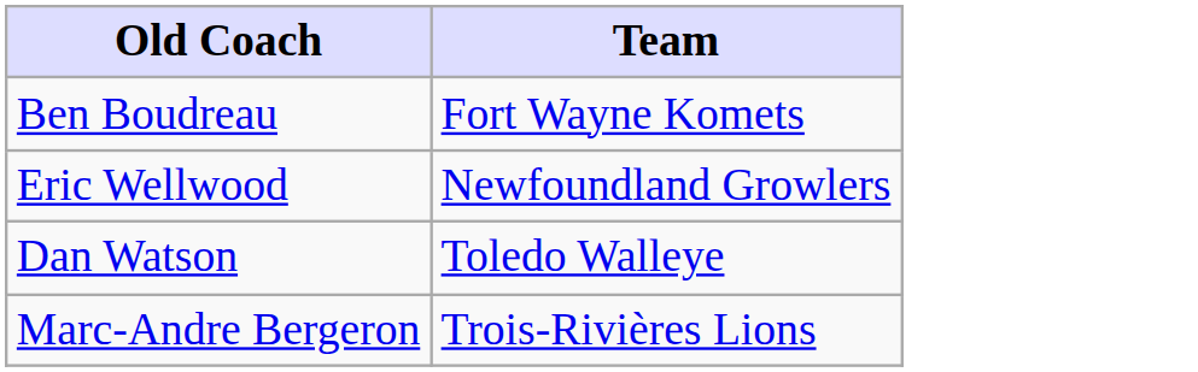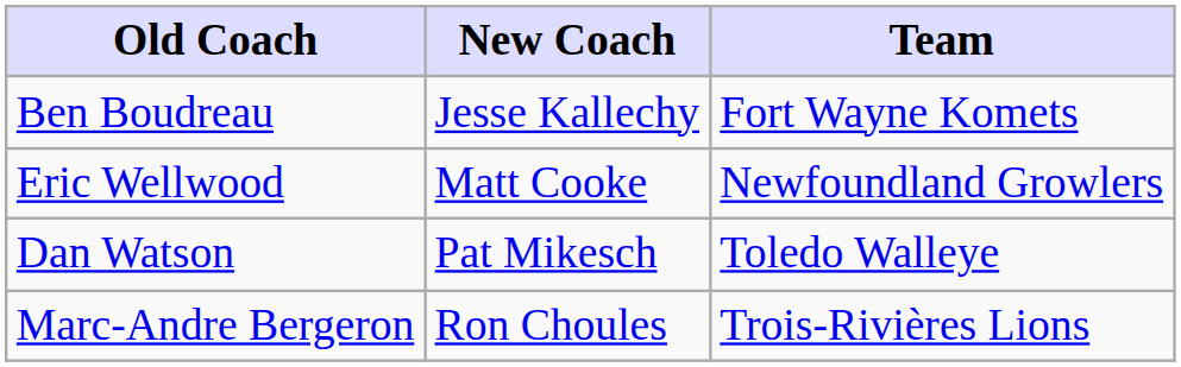 <table class="wikitable">
 <tr>
 <th style="background:#ddf">Old Coach</th>
+<th style="background:#ddf">New Coach</th>
 <th style="background:#ddf">Team</th>
 </tr>
 <tr>
 <td><a href='#'>Ben Boudreau</a></td>
+<td><a href='#'>Jesse Kallechy</a></td>
 <td><a href='#'>Fort Wayne Komets</a></td>
 </tr>
 <tr>
 <td><a href='#'>Eric Wellwood</a></td>
+<td><a href='#'>Matt Cooke</a></td>
 <td><a href='#'>Newfoundland Growlers</a></td>
 </tr>
 <tr>
 <td><a href='#'>Dan Watson</a></td>
+<td><a href='#'>Pat Mikesch</a></td>
 <td><a href='#'>Toledo Walleye</a></td>
 </tr>
 <tr>
 <td><a href='#'>Marc-Andre Bergeron</a></td>
+<td><a href='#'>Ron Choules</a></td>
 <td><a href='#'>Trois-Rivières Lions</a></td>
 </tr>
 </table>
